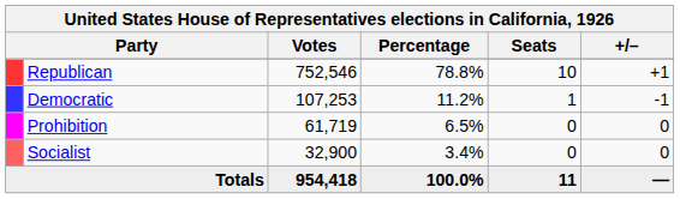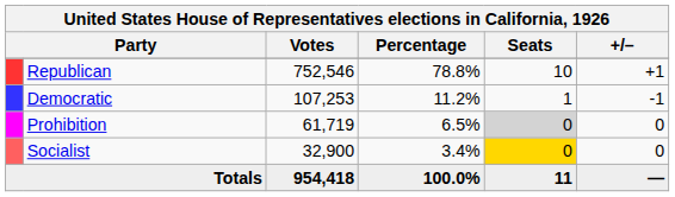 <table class="wikitable" style="font-size: 95%;">
 <tr>
 <th colspan="6">United States House of Representatives elections in California, 1926</th>
 </tr>
 <tr>
 <th colspan=2 style="width: 15em">Party</th>
 <th style="width: 5em">Votes</th>
 <th style="width: 7em">Percentage</th>
 <th style="width: 5em">Seats</th>
 <th style="width: 5em">+/–</th>
 </tr>
 <tr>
 </tr>
 <tr>
 <th style="background-color:#FF3333; width: 3px"></th>
 <td style="width: 130px"><a href='#'>Republican</a></td>
 <td style="text-align:right;">752,546</td>
 <td style="text-align:right;">78.8%</td>
 <td style="text-align:right;">10</td>
 <td style="text-align:right;">+1</td>
 </tr>
 <tr>
 <th style="background-color:#3333FF; width: 3px"></th>
 <td style="width: 130px"><a href='#'>Democratic</a></td>
 <td style="text-align:right;">107,253</td>
 <td style="text-align:right;">11.2%</td>
 <td style="text-align:right;">1</td>
 <td style="text-align:right;">-1</td>
 </tr>
 <tr>
 <th style="background-color:#FF00FF; width: 3px"></th>
 <td style="width: 130px"><a href='#'>Prohibition</a></td>
 <td style="text-align:right;">61,719</td>
 <td style="text-align:right;">6.5%</td>
-<td style="text-align:right;">0</td>
+<td style="background: lightgrey; text-align:right;">0</td>
 <td style="text-align:right;">0</td>
 </tr>
 <tr>
 <th style="background-color:#FF6060; width: 3px"></th>
 <td style="width: 130px"><a href='#'>Socialist</a></td>
 <td style="text-align:right;">32,900</td>
 <td style="text-align:right;">3.4%</td>
-<td style="text-align:right;">0</td>
+<td style="background: gold; text-align:right;">0</td>
 <td style="text-align:right;">0</td>
 </tr>
 <tr style="background-color:#EEEEEE;">
 <td colspan="2" align="right"><strong>Totals</strong></td>
 <td style="text-align:right;"><strong>954,418</strong></td>
 <td style="text-align:right;"><strong>100.0%</strong></td>
 <td style="text-align:right;"><strong>11</strong></td>
 <td style="text-align:right;"><strong>—</strong></td>
 </tr>
 </table>
